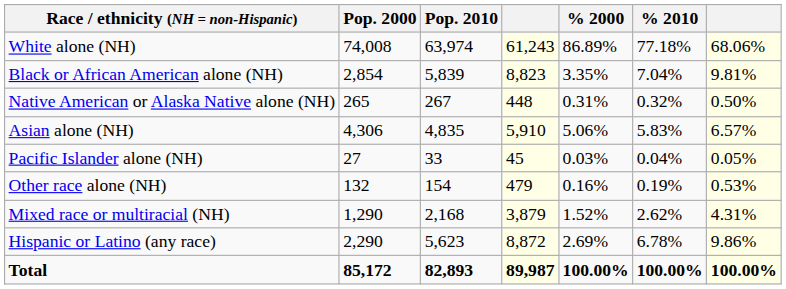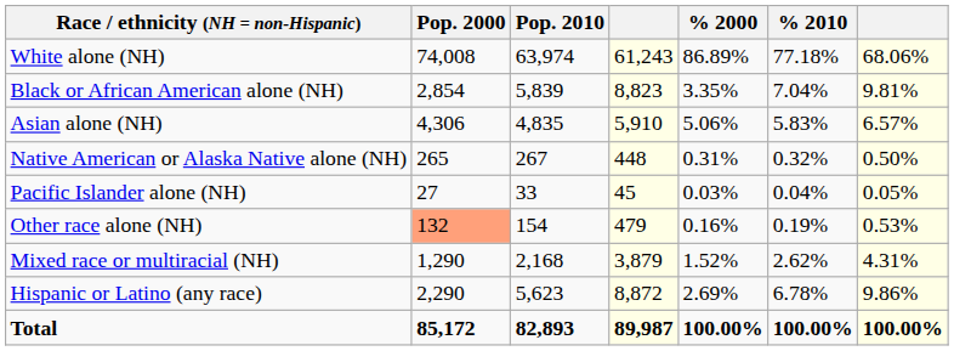 <table class="wikitable">
 <tr>
 <th>Race / ethnicity <small>(<em>NH = non-Hispanic</em>)</small></th>
 <th>Pop. 2000</th>
 <th>Pop. 2010</th>
 <th></th>
 <th>% 2000</th>
 <th>% 2010</th>
 <th></th>
 </tr>
 <tr>
 <td><a href='#'>White</a> alone (NH)</td>
 <td>74,008</td>
 <td>63,974</td>
 <td style='background: #ffffe6;'>61,243</td>
 <td>86.89%</td>
 <td>77.18%</td>
 <td style='background: #ffffe6;'>68.06%</td>
 </tr>
 <tr>
 <td><a href='#'>Black or African American</a> alone (NH)</td>
 <td>2,854</td>
 <td>5,839</td>
 <td style='background: #ffffe6;'>8,823</td>
 <td>3.35%</td>
 <td>7.04%</td>
 <td style='background: #ffffe6;'>9.81%</td>
 </tr>
 <tr>
+<td><a href='#'>Asian</a> alone (NH)</td>
+<td>4,306</td>
+<td>4,835</td>
+<td style='background: #ffffe6;'>5,910</td>
+<td>5.06%</td>
+<td>5.83%</td>
+<td style='background: #ffffe6;'>6.57%</td>
+</tr>
+<tr>
 <td><a href='#'>Native American</a> or <a href='#'>Alaska Native</a> alone (NH)</td>
 <td>265</td>
 <td>267</td>
 <td style='background: #ffffe6;'>448</td>
 <td>0.31%</td>
 <td>0.32%</td>
 <td style='background: #ffffe6;'>0.50%</td>
-</tr>
-<tr>
-<td><a href='#'>Asian</a> alone (NH)</td>
-<td>4,306</td>
-<td>4,835</td>
-<td style='background: #ffffe6;'>5,910</td>
-<td>5.06%</td>
-<td>5.83%</td>
-<td style='background: #ffffe6;'>6.57%</td>
 </tr>
 <tr>
 <td><a href='#'>Pacific Islander</a> alone (NH)</td>
 <td>27</td>
 <td>33</td>
 <td style='background: #ffffe6;'>45</td>
 <td>0.03%</td>
 <td>0.04%</td>
 <td style='background: #ffffe6;'>0.05%</td>
 </tr>
 <tr>
 <td><a href='#'>Other race</a> alone (NH)</td>
-<td>132</td>
+<td style="background: lightsalmon;">132</td>
 <td>154</td>
 <td style='background: #ffffe6;'>479</td>
 <td>0.16%</td>
 <td>0.19%</td>
 <td style='background: #ffffe6;'>0.53%</td>
 </tr>
 <tr>
 <td><a href='#'>Mixed race or multiracial</a> (NH)</td>
 <td>1,290</td>
 <td>2,168</td>
 <td style='background: #ffffe6;'>3,879</td>
 <td>1.52%</td>
 <td>2.62%</td>
 <td style='background: #ffffe6;'>4.31%</td>
 </tr>
 <tr>
 <td><a href='#'>Hispanic or Latino</a> (any race)</td>
 <td>2,290</td>
 <td>5,623</td>
 <td style='background: #ffffe6;'>8,872</td>
 <td>2.69%</td>
 <td>6.78%</td>
 <td style='background: #ffffe6;'>9.86%</td>
 </tr>
 <tr>
 <td><strong>Total</strong></td>
 <td><strong>85,172</strong></td>
 <td><strong>82,893</strong></td>
 <td style='background: #ffffe6;'><strong>89,987</strong></td>
 <td><strong>100.00%</strong></td>
 <td><strong>100.00%</strong></td>
 <td style='background: #ffffe6;'><strong>100.00%</strong></td>
 </tr>
 </table>
